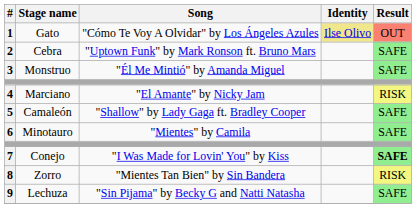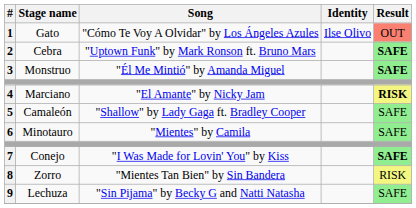 <table class="wikitable plainrowheaders" style="text-align: center;">
 <tr>
 <th>#</th>
 <th>Stage name</th>
 <th>Song</th>
 <th>Identity</th>
 <th>Result</th>
 </tr>
 <tr>
 <th>1</th>
 <td>Gato</td>
 <td>"Cómo Te Voy A Olvidar" by <a href='#'>Los Ángeles Azules</a></td>
-<td style="background: khaki;"><a href='#'>Ilse Olivo</a></td>
+<td><a href='#'>Ilse Olivo</a></td>
 <td bgcolor=salmon>OUT</td>
 </tr>
 <tr>
 <th>2</th>
 <td>Cebra</td>
 <td>"<a href='#'>Uptown Funk</a>" by <a href='#'>Mark Ronson</a> ft. <a href='#'>Bruno Mars</a></td>
 <td></td>
-<td bgcolor=lightgreen>SAFE</td>
+<td bgcolor=lightgreen><strong>SAFE</strong></td>
 </tr>
 <tr>
 <th>3</th>
 <td>Monstruo</td>
 <td>"<a href='#'>Él Me Mintió</a>" by <a href='#'>Amanda Miguel</a></td>
 <td></td>
-<td bgcolor=lightgreen>SAFE</td>
+<td bgcolor=lightgreen><strong>SAFE</strong></td>
 </tr>
 <tr>
 <td colspan="5" style="background:darkgray"></td>
 </tr>
 <tr>
 <th>4</th>
 <td>Marciano</td>
 <td>"<a href='#'>El Amante</a>" by <a href='#'>Nicky Jam</a></td>
 <td></td>
-<td bgcolor=#F3F781>RISK</td>
+<td bgcolor=#F3F781><strong>RISK</strong></td>
 </tr>
 <tr>
 <th>5</th>
 <td>Camaleón</td>
 <td>"<a href='#'>Shallow</a>" by <a href='#'>Lady Gaga</a> ft. <a href='#'>Bradley Cooper</a></td>
 <td></td>
 <td bgcolor=lightgreen>SAFE</td>
 </tr>
 <tr>
 <th>6</th>
 <td>Minotauro</td>
 <td>"<a href='#'>Mientes</a>" by <a href='#'>Camila</a></td>
 <td></td>
 <td bgcolor=lightgreen>SAFE</td>
 </tr>
 <tr>
 <td colspan="5" style="background:darkgray"></td>
 </tr>
 <tr>
 <th>7</th>
 <td>Conejo</td>
 <td>"<a href='#'>I Was Made for Lovin' You</a>" by <a href='#'>Kiss</a></td>
 <td></td>
 <td bgcolor=lightgreen><strong>SAFE</strong></td>
 </tr>
 <tr>
 <th>8</th>
 <td>Zorro</td>
 <td>"Mientes Tan Bien" by <a href='#'>Sin Bandera</a></td>
 <td></td>
 <td bgcolor=#F3F781>RISK</td>
 </tr>
 <tr>
 <th>9</th>
 <td>Lechuza</td>
 <td>"<a href='#'>Sin Pijama</a>" by <a href='#'>Becky G</a> and <a href='#'>Natti Natasha</a></td>
 <td></td>
 <td bgcolor=lightgreen>SAFE</td>
 </tr>
 <tr>
 </tr>
 </table>
